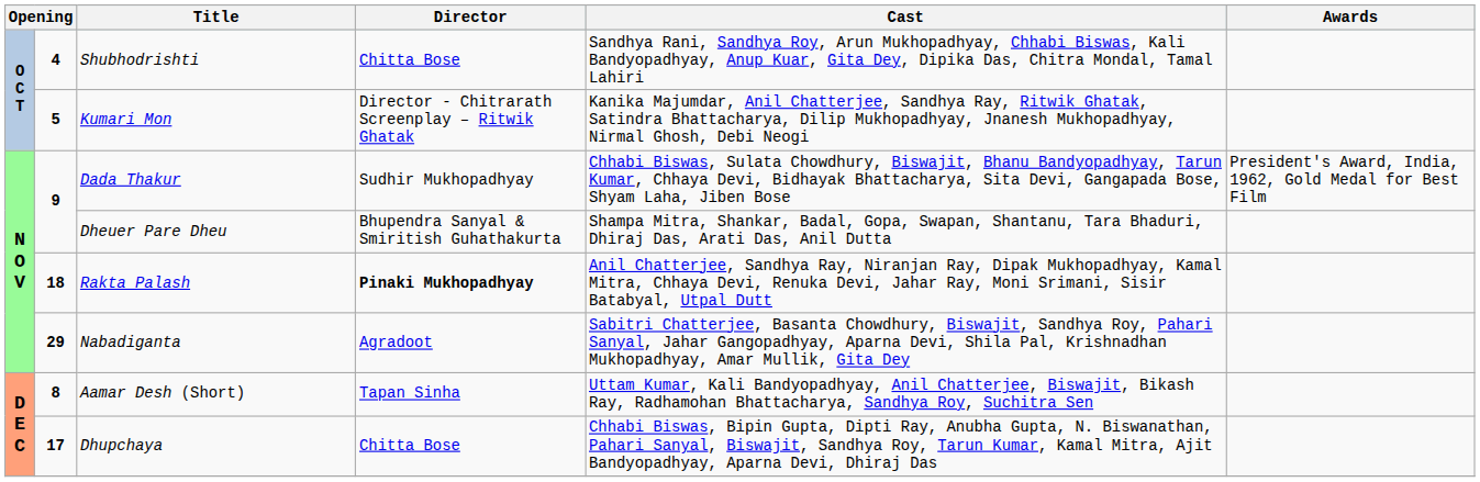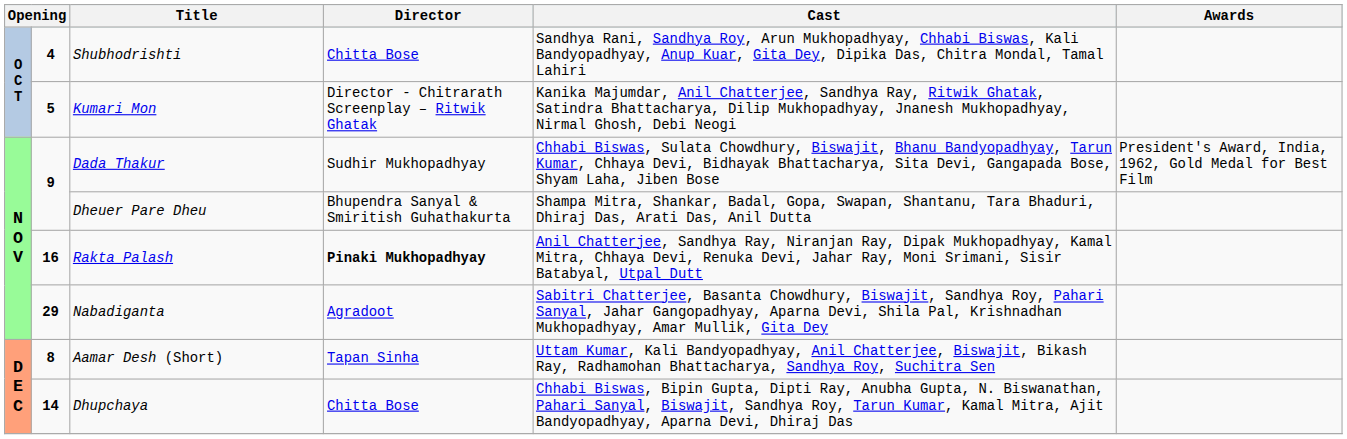 <table class="wikitable">
 <tr style="background:#b0e0e6; text-align:center;">
 <th colspan="2">Opening</th>
 <th style="width:19%;">Title</th>
 <th>Director</th>
 <th>Cast</th>
 <th>Awards</th>
 </tr>
 <tr>
 <td rowspan="2"   style="text-align:center; background:#b4cae3;"><strong>O<br>C<br>T</strong></td>
 <td rowspan="1" style="text-align:center;"><strong>4</strong></td>
 <td><em>Shubhodrishti</em></td>
 <td><a href='#'>Chitta Bose</a></td>
 <td>Sandhya Rani, <a href='#'>Sandhya Roy</a>, Arun Mukhopadhyay, <a href='#'>Chhabi Biswas</a>, Kali Bandyopadhyay, <a href='#'>Anup Kuar</a>, <a href='#'>Gita Dey</a>, Dipika Das, Chitra Mondal, Tamal Lahiri</td>
 <td></td>
 </tr>
 <tr>
 <td rowspan="1" style="text-align:center;"><strong>5</strong></td>
 <td><em><a href='#'>Kumari Mon</a></em></td>
 <td>Director - Chitrarath Screenplay – <a href='#'>Ritwik Ghatak</a></td>
 <td>Kanika Majumdar, <a href='#'>Anil Chatterjee</a>, Sandhya Ray, <a href='#'>Ritwik Ghatak</a>, Satindra Bhattacharya, Dilip Mukhopadhyay, Jnanesh Mukhopadhyay, Nirmal Ghosh, Debi Neogi</td>
 <td></td>
 </tr>
 <tr>
 <td rowspan="4"   style="text-align:center; background:#98fb98; textcolor:#000;"><big> <strong>N<br>O<br>V</strong></big></td>
 <td rowspan="2" style="text-align:center;"><strong>9</strong></td>
 <td><em><a href='#'>Dada Thakur</a></em></td>
 <td>Sudhir Mukhopadhyay</td>
 <td><a href='#'>Chhabi Biswas</a>, Sulata Chowdhury, <a href='#'>Biswajit</a>, <a href='#'>Bhanu Bandyopadhyay</a>, <a href='#'>Tarun Kumar</a>, Chhaya Devi, Bidhayak Bhattacharya, Sita Devi, Gangapada Bose, Shyam Laha, Jiben Bose</td>
 <td>President's Award, India, 1962, Gold Medal for Best Film</td>
 </tr>
 <tr>
 <td><em>Dheuer Pare Dheu</em></td>
 <td>Bhupendra Sanyal & Smiritish Guhathakurta</td>
 <td>Shampa Mitra, Shankar, Badal, Gopa, Swapan, Shantanu, Tara Bhaduri, Dhiraj Das, Arati Das, Anil Dutta</td>
 <td></td>
 </tr>
 <tr>
-<td rowspan="1" style="text-align:center;"><strong>18</strong></td>
+<td rowspan="1" style="text-align:center;"><strong>16</strong></td>
 <td><em><a href='#'>Rakta Palash</a></em></td>
 <td><strong>Pinaki Mukhopadhyay</strong></td>
 <td><a href='#'>Anil Chatterjee</a>, Sandhya Ray, Niranjan Ray, Dipak Mukhopadhyay, Kamal Mitra, Chhaya Devi, Renuka Devi, Jahar Ray, Moni Srimani, Sisir Batabyal, <a href='#'>Utpal Dutt</a></td>
 <td></td>
 </tr>
 <tr>
 <td rowspan="1" style="text-align:center;"><strong>29</strong></td>
 <td><em>Nabadiganta</em></td>
 <td><a href='#'>Agradoot</a></td>
 <td><a href='#'>Sabitri Chatterjee</a>, Basanta Chowdhury, <a href='#'>Biswajit</a>, Sandhya Roy, <a href='#'>Pahari Sanyal</a>, Jahar Gangopadhyay, Aparna Devi, Shila Pal, Krishnadhan Mukhopadhyay, Amar Mullik, <a href='#'>Gita Dey</a></td>
 <td></td>
 </tr>
 <tr>
 <td rowspan="2"   style="text-align:center; background:#ffa07a; textcolor:#000;"><big> <strong>D<br>E<br>C</strong></big></td>
 <td rowspan="1" style="text-align:center;"><strong>8</strong></td>
 <td><em>Aamar Desh</em> (Short)</td>
 <td><a href='#'>Tapan Sinha</a></td>
 <td><a href='#'>Uttam Kumar</a>, Kali Bandyopadhyay, <a href='#'>Anil Chatterjee</a>, <a href='#'>Biswajit</a>, Bikash Ray, Radhamohan Bhattacharya, <a href='#'>Sandhya Roy</a>, <a href='#'>Suchitra Sen</a></td>
 <td></td>
 </tr>
 <tr>
-<td rowspan="1" style="text-align:center;"><strong>17</strong></td>
+<td rowspan="1" style="text-align:center;"><strong>14</strong></td>
 <td><em>Dhupchaya</em></td>
 <td><a href='#'>Chitta Bose</a></td>
 <td><a href='#'>Chhabi Biswas</a>, Bipin Gupta, Dipti Ray, Anubha Gupta, N. Biswanathan, <a href='#'>Pahari Sanyal</a>, <a href='#'>Biswajit</a>, Sandhya Roy, <a href='#'>Tarun Kumar</a>, Kamal Mitra, Ajit Bandyopadhyay, Aparna Devi, Dhiraj Das</td>
 <td></td>
 </tr>
 <tr>
 </tr>
 </table>
